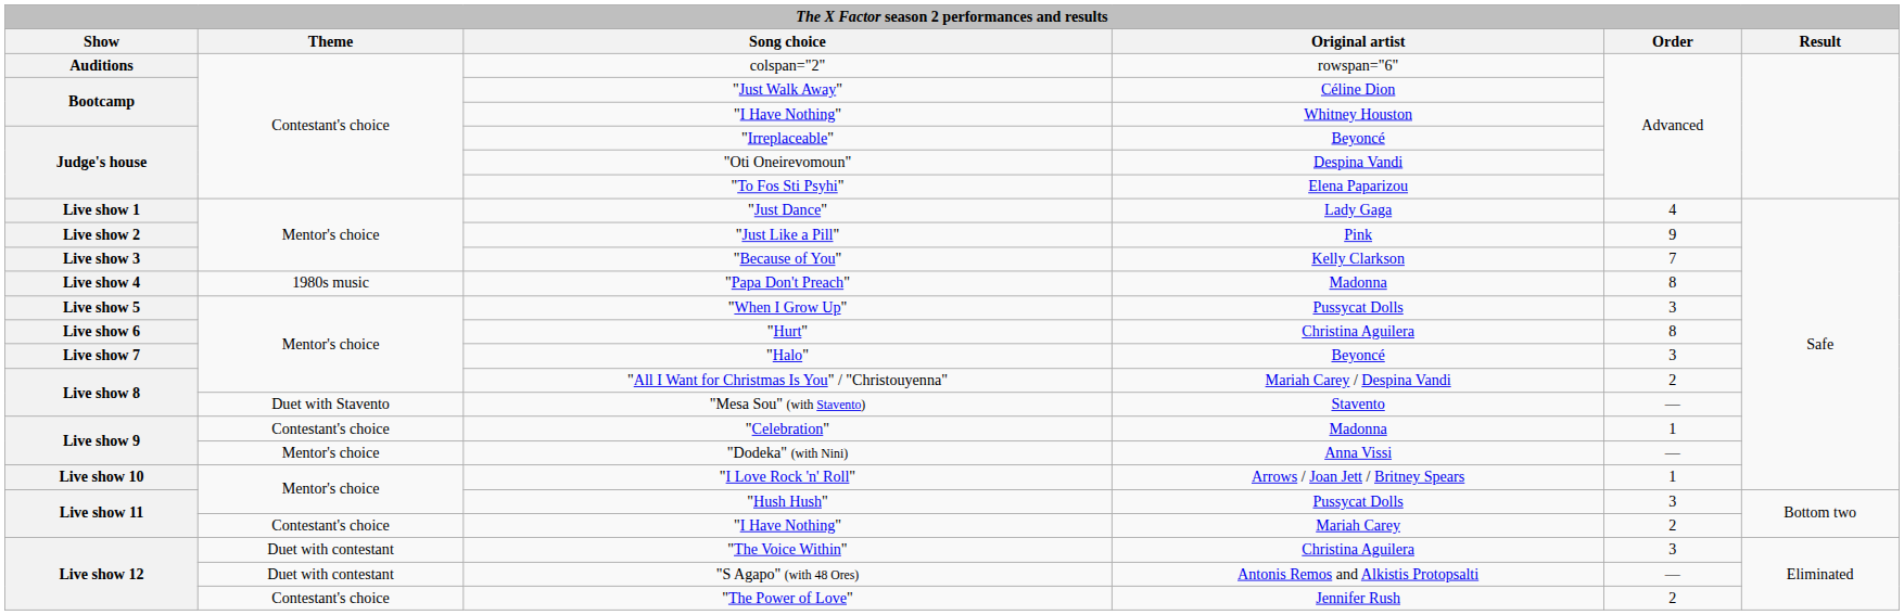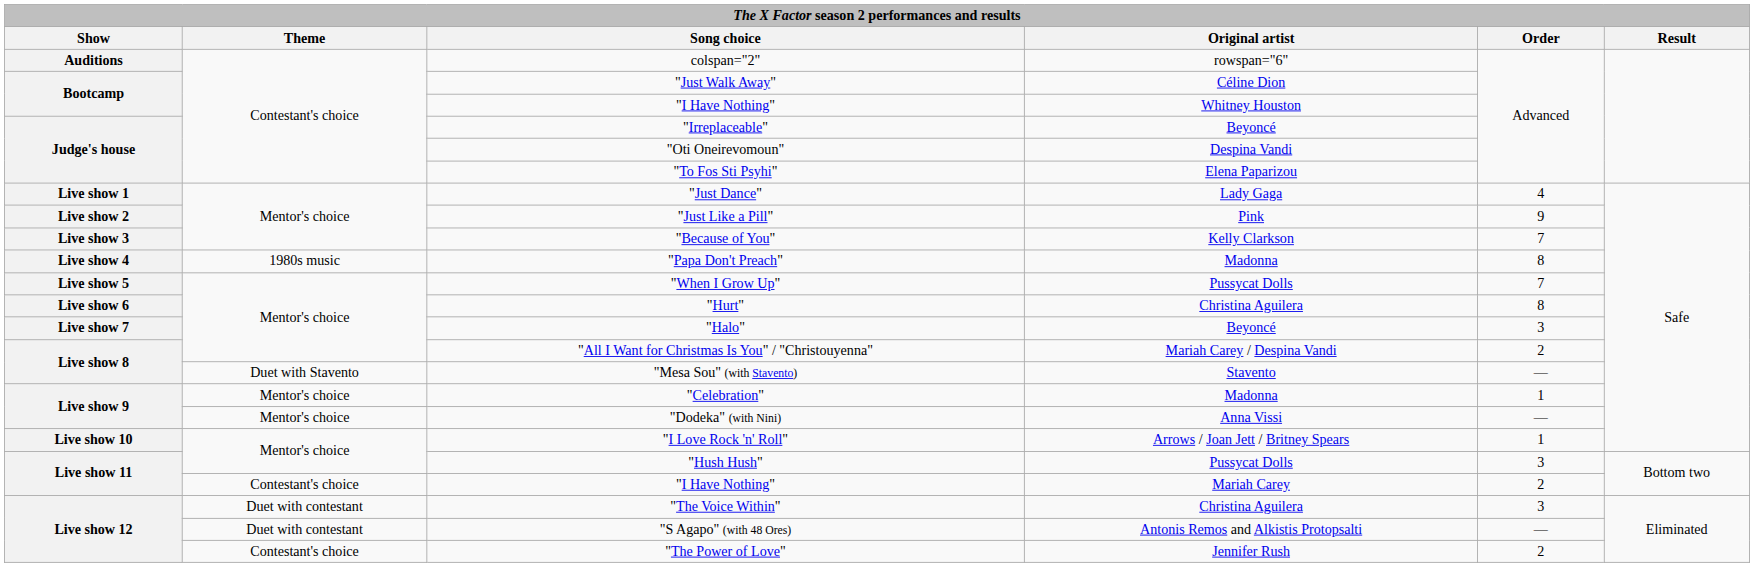 <table class="wikitable collapsible collapsed" style="width:100%; margin:1em auto 1em auto; text-align:center;">
 <tr>
 <th colspan="6" style="background:#BFBFBF;"><em>The X Factor</em> season 2 performances and results</th>
 </tr>
 <tr>
 <th>Show</th>
 <th>Theme</th>
 <th>Song choice</th>
 <th>Original artist</th>
 <th>Order</th>
 <th>Result</th>
 </tr>
 <tr>
 <th>Auditions</th>
 <td rowspan="6">Contestant's choice</td>
 <td>colspan="2" </td>
 <td>rowspan="6" </td>
 <td rowspan="6">Advanced</td>
 </tr>
 <tr>
 <th rowspan="2">Bootcamp</th>
 <td>"<a href='#'>Just Walk Away</a>"</td>
 <td><a href='#'>Céline Dion</a></td>
 </tr>
 <tr>
 <td>"<a href='#'>I Have Nothing</a>"</td>
 <td><a href='#'>Whitney Houston</a></td>
 </tr>
 <tr>
 <th rowspan="3">Judge's house</th>
 <td>"<a href='#'>Irreplaceable</a>"</td>
 <td><a href='#'>Beyoncé</a></td>
 </tr>
 <tr>
 <td>"Oti Oneirevomoun"</td>
 <td><a href='#'>Despina Vandi</a></td>
 </tr>
 <tr>
 <td>"<a href='#'>To Fos Sti Psyhi</a>"</td>
 <td><a href='#'>Elena Paparizou</a></td>
 </tr>
 <tr>
 <th>Live show 1</th>
 <td rowspan="3">Mentor's choice</td>
 <td>"<a href='#'>Just Dance</a>"</td>
 <td><a href='#'>Lady Gaga</a></td>
 <td>4</td>
 <td rowspan="12">Safe</td>
 </tr>
 <tr>
 <th>Live show 2</th>
 <td>"<a href='#'>Just Like a Pill</a>"</td>
 <td><a href='#'>Pink</a></td>
 <td>9</td>
 </tr>
 <tr>
 <th>Live show 3</th>
 <td>"<a href='#'>Because of You</a>"</td>
 <td><a href='#'>Kelly Clarkson</a></td>
 <td>7</td>
 </tr>
 <tr>
 <th>Live show 4</th>
 <td>1980s music</td>
 <td>"<a href='#'>Papa Don't Preach</a>"</td>
 <td><a href='#'>Madonna</a></td>
 <td>8</td>
 </tr>
 <tr>
 <th>Live show 5</th>
 <td rowspan="4">Mentor's choice</td>
 <td>"<a href='#'>When I Grow Up</a>"</td>
 <td><a href='#'>Pussycat Dolls</a></td>
-<td>3</td>
+<td>7</td>
 </tr>
 <tr>
 <th>Live show 6</th>
 <td>"<a href='#'>Hurt</a>"</td>
 <td><a href='#'>Christina Aguilera</a></td>
 <td>8</td>
 </tr>
 <tr>
 <th>Live show 7</th>
 <td>"<a href='#'>Halo</a>"</td>
 <td><a href='#'>Beyoncé</a></td>
 <td>3</td>
 </tr>
 <tr>
 <th rowspan="2">Live show 8</th>
 <td>"<a href='#'>All I Want for Christmas Is You</a>" / "Christouyenna"</td>
 <td><a href='#'>Mariah Carey</a> / <a href='#'>Despina Vandi</a></td>
 <td>2</td>
 </tr>
 <tr>
 <td>Duet with Stavento</td>
 <td>"Mesa Sou" <small>(with <a href='#'>Stavento</a>)</small></td>
 <td><a href='#'>Stavento</a></td>
 <td>—</td>
 </tr>
 <tr>
 <th rowspan="2">Live show 9</th>
-<td>Contestant's choice</td>
+<td>Mentor's choice</td>
 <td>"<a href='#'>Celebration</a>"</td>
 <td><a href='#'>Madonna</a></td>
 <td>1</td>
 </tr>
 <tr>
 <td>Mentor's choice</td>
 <td>"Dodeka" <small>(with Nini)</small></td>
 <td><a href='#'>Anna Vissi</a></td>
 <td>—</td>
 </tr>
 <tr>
 <th>Live show 10</th>
 <td rowspan="2">Mentor's choice</td>
 <td>"<a href='#'>I Love Rock 'n' Roll</a>"</td>
 <td><a href='#'>Arrows</a> / <a href='#'>Joan Jett</a> / <a href='#'>Britney Spears</a></td>
 <td>1</td>
 </tr>
 <tr>
 <th rowspan="2">Live show 11</th>
 <td>"<a href='#'>Hush Hush</a>"</td>
 <td><a href='#'>Pussycat Dolls</a></td>
 <td>3</td>
 <td rowspan="2">Bottom two</td>
 </tr>
 <tr>
 <td>Contestant's choice</td>
 <td>"<a href='#'>I Have Nothing</a>"</td>
 <td><a href='#'>Mariah Carey</a></td>
 <td>2</td>
 </tr>
 <tr>
 <th rowspan="3">Live show 12</th>
 <td>Duet with contestant</td>
 <td>"<a href='#'>The Voice Within</a>"</td>
 <td><a href='#'>Christina Aguilera</a></td>
 <td>3</td>
 <td rowspan="3">Eliminated</td>
 </tr>
 <tr>
 <td>Duet with contestant</td>
 <td>"S Agapo" <small>(with 48 Ores)</small></td>
 <td><a href='#'>Antonis Remos</a> and <a href='#'>Alkistis Protopsalti</a></td>
 <td>—</td>
 </tr>
 <tr>
 <td>Contestant's choice</td>
 <td>"<a href='#'>The Power of Love</a>"</td>
 <td><a href='#'>Jennifer Rush</a></td>
 <td>2</td>
 </tr>
 </table>
